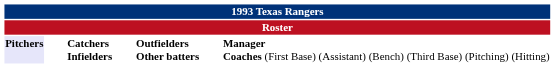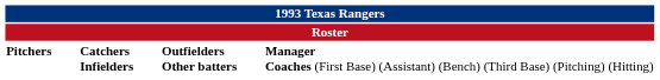 <table class="toccolours" style="font-size: 95%;">
 <tr>
 <th colspan="10" style="background-color: #003279; color: white; text-align: center;">1993 Texas Rangers</th>
 </tr>
 <tr>
 <td colspan="10" style="background-color: #bd1021; color: white; text-align: center;"><strong>Roster</strong></td>
 </tr>
 <tr>
-<td valign="top" style="background: lavender;"><strong>Pitchers</strong><br>                   </td>
+<td valign="top"><strong>Pitchers</strong><br>                   </td>
 <td width="25px"></td>
 <td valign="top"><strong>Catchers</strong><br>   <strong>Infielders</strong>         </td>
 <td width="25px"></td>
 <td valign="top"><strong>Outfielders</strong><br>          <strong>Other batters</strong>  </td>
 <td width="25px"></td>
 <td valign="top"><strong>Manager</strong><br> <strong>Coaches</strong>  (First Base)  (Assistant)  (Bench)  (Third Base)  (Pitching)  (Hitting)</td>
 </tr>
 </table>
